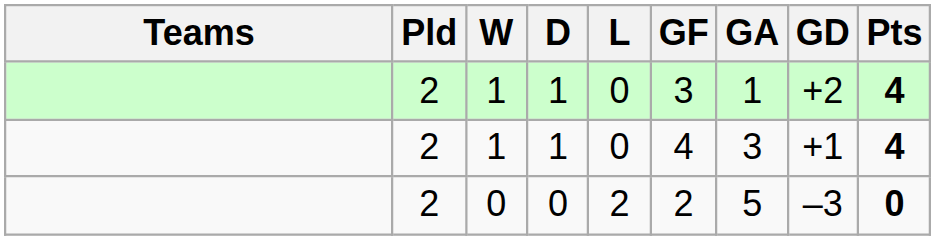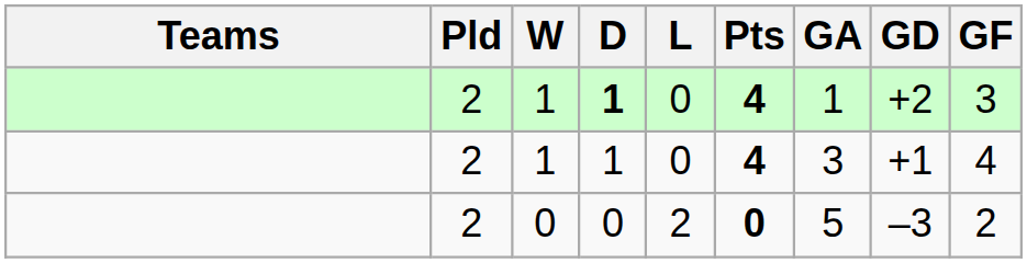 <table class="wikitable" style="text-align: center;">
 <tr>
 <th width=165>Teams</th>
 <th width=20>Pld</th>
 <th width=20>W</th>
 <th width=20>D</th>
 <th width=20>L</th>
-<th width=20>GF</th>
+<th width=20>Pts</th>
 <th width=20>GA</th>
 <th width=20>GD</th>
-<th width=20>Pts</th>
+<th width=20>GF</th>
 </tr>
 <tr align=center style="background:#ccffcc;">
 <td style="text-align:left;"></td>
 <td>2</td>
 <td>1</td>
-<td>1</td>
+<td><strong>1</strong></td>
 <td>0</td>
-<td>3</td>
+<td><strong>4</strong></td>
 <td>1</td>
 <td>+2</td>
-<td><strong>4</strong></td>
+<td>3</td>
 </tr>
 <tr align=center>
 <td style="text-align:left;"></td>
 <td>2</td>
 <td>1</td>
 <td>1</td>
 <td>0</td>
-<td>4</td>
+<td><strong>4</strong></td>
 <td>3</td>
 <td>+1</td>
-<td><strong>4</strong></td>
+<td>4</td>
 </tr>
 <tr align=center>
 <td style="text-align:left;"></td>
 <td>2</td>
 <td>0</td>
 <td>0</td>
 <td>2</td>
-<td>2</td>
+<td><strong>0</strong></td>
 <td>5</td>
 <td>–3</td>
-<td><strong>0</strong></td>
+<td>2</td>
 </tr>
 </table>
